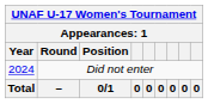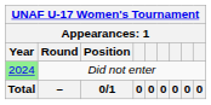 <table class="wikitable" style="text-align: center;">
 <tr>
 <th colspan=9><a href='#'>UNAF U-17 Women's Tournament</a></th>
 </tr>
 <tr>
 <th colspan=9>Appearances: 1</th>
 </tr>
 <tr>
 <th>Year</th>
 <th>Round</th>
 <th>Position</th>
 <th></th>
 <th></th>
 <th></th>
 <th></th>
 <th></th>
 <th></th>
 </tr>
 <tr>
-<td> <a href='#'>2024</a></td>
+<td style="background: lightgreen;"> <a href='#'>2024</a></td>
 <td colspan=8><em>Did not enter</em></td>
 </tr>
 <tr>
 <th>Total</th>
 <th>–</th>
 <th>0/1</th>
 <th>0</th>
 <th>0</th>
 <th>0</th>
 <th>0</th>
 <th>0</th>
 <th>0</th>
 </tr>
 </table>
